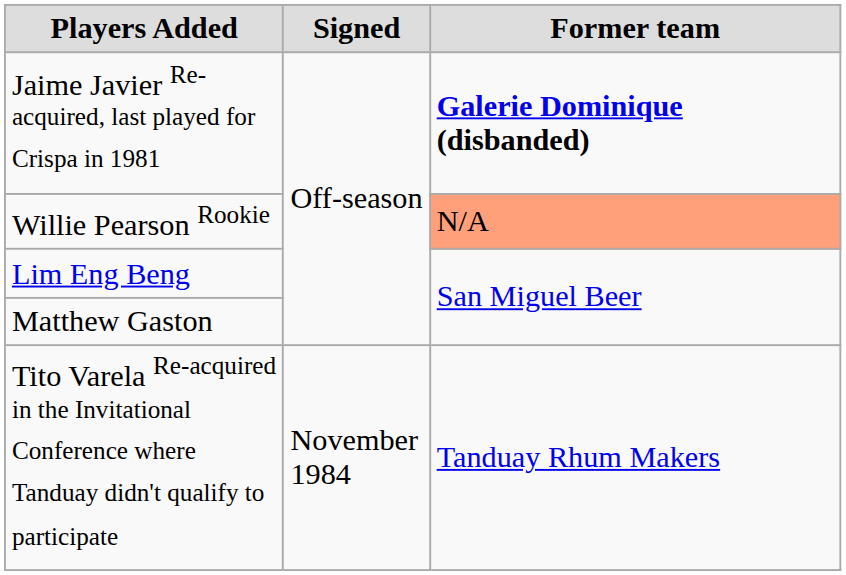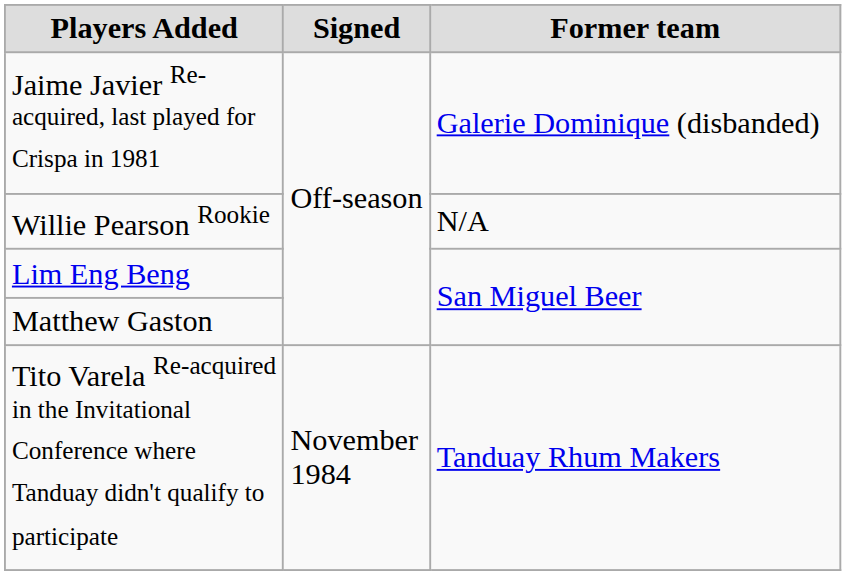 <table class="wikitable sortable sortable">
 <tr align="center" bgcolor="#dddddd">
 <td style="width:140px"><strong>Players Added</strong></td>
 <td style="width:70px"><strong>Signed</strong></td>
 <td style="width:210px"><strong>Former team</strong></td>
 </tr>
 <tr>
 <td>Jaime Javier <sup>Re-acquired, last played for Crispa in 1981</sup></td>
 <td rowspan="4">Off-season</td>
-<td><strong><a href='#'>Galerie Dominique</a> (disbanded)</strong></td>
+<td><a href='#'>Galerie Dominique</a> (disbanded)</td>
 </tr>
 <tr>
 <td>Willie Pearson <sup>Rookie</sup></td>
-<td style="background: lightsalmon;">N/A</td>
+<td>N/A</td>
 </tr>
 <tr>
 <td><a href='#'>Lim Eng Beng</a></td>
 <td rowspan="2"><a href='#'>San Miguel Beer</a></td>
 </tr>
 <tr>
 <td>Matthew Gaston</td>
 </tr>
 <tr>
 <td>Tito Varela <sup>Re-acquired in the Invitational Conference where Tanduay didn't qualify to participate</sup></td>
 <td>November 1984</td>
 <td><a href='#'>Tanduay Rhum Makers</a></td>
 </tr>
 </table>
